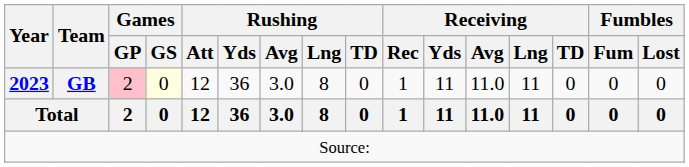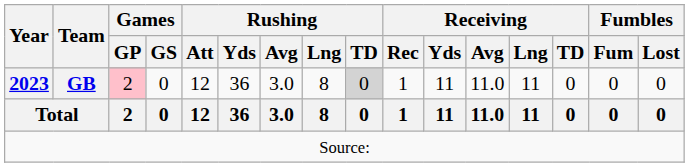 <table class="wikitable" style="text-align: center;">
 <tr>
 <th rowspan="2">Year</th>
 <th rowspan="2">Team</th>
 <th colspan="2">Games</th>
 <th colspan="5">Rushing</th>
 <th colspan="5">Receiving</th>
 <th colspan="2">Fumbles</th>
 </tr>
 <tr>
 <th>GP</th>
 <th>GS</th>
 <th>Att</th>
 <th>Yds</th>
 <th>Avg</th>
 <th>Lng</th>
 <th>TD</th>
 <th>Rec</th>
 <th>Yds</th>
 <th>Avg</th>
 <th>Lng</th>
 <th>TD</th>
 <th>Fum</th>
 <th>Lost</th>
 </tr>
 <tr>
 <th><a href='#'>2023</a></th>
 <th><a href='#'>GB</a></th>
 <td style="background: pink;">2</td>
-<td style="background: lightyellow;">0</td>
+<td>0</td>
 <td>12</td>
 <td>36</td>
 <td>3.0</td>
 <td>8</td>
-<td>0</td>
+<td style="background: lightgrey;">0</td>
 <td>1</td>
 <td>11</td>
 <td>11.0</td>
 <td>11</td>
 <td>0</td>
 <td>0</td>
 <td>0</td>
 </tr>
 <tr>
 <th colspan="2">Total</th>
 <th>2</th>
 <th>0</th>
 <th>12</th>
 <th>36</th>
 <th>3.0</th>
 <th>8</th>
 <th>0</th>
 <th>1</th>
 <th>11</th>
 <th>11.0</th>
 <th>11</th>
 <th>0</th>
 <th>0</th>
 <th>0</th>
 </tr>
 <tr>
 <td colspan="16"><small>Source: </small></td>
 </tr>
 </table>
